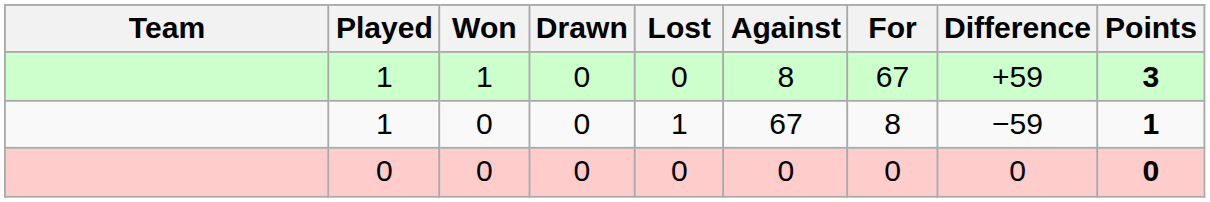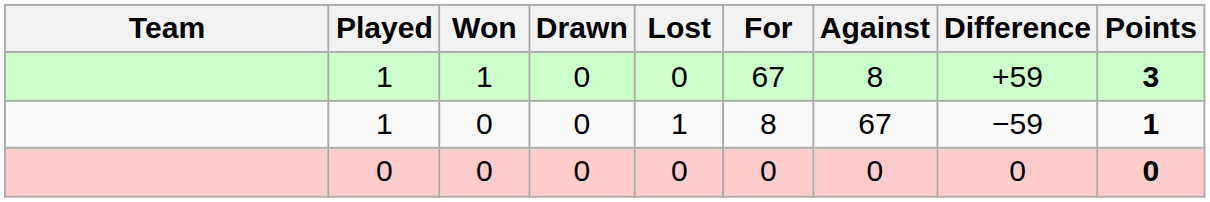 <table class="wikitable" style="text-align:center">
 <tr>
 <th width=165>Team</th>
 <th width=40>Played</th>
 <th width=40>Won</th>
 <th width=40>Drawn</th>
 <th width=40>Lost</th>
+<th width=40>For</th>
 <th width=40>Against</th>
-<th width=40>For</th>
 <th width=40>Difference</th>
 <th width=40>Points</th>
 </tr>
 <tr bgcolor=#ccffcc>
 <td style="text-align:left"></td>
 <td>1</td>
 <td>1</td>
 <td>0</td>
 <td>0</td>
+<td>67</td>
 <td>8</td>
-<td>67</td>
 <td>+59</td>
 <td><strong>3</strong></td>
 </tr>
 <tr>
 <td style="text-align:left"></td>
 <td>1</td>
 <td>0</td>
 <td>0</td>
 <td>1</td>
+<td>8</td>
 <td>67</td>
-<td>8</td>
 <td>−59</td>
 <td><strong>1</strong></td>
 </tr>
 <tr bgcolor=#ffcccc>
 <td style="text-align:left"></td>
 <td>0</td>
 <td>0</td>
 <td>0</td>
 <td>0</td>
 <td>0</td>
 <td>0</td>
 <td>0</td>
 <td><strong>0</strong></td>
 </tr>
 </table>
